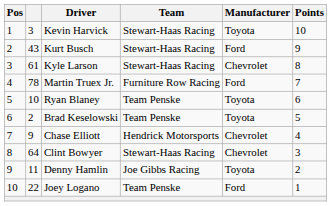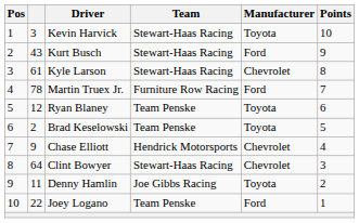 <table class="wikitable" style="font-size:98%">
 <tr>
 <th>Pos</th>
 <th></th>
 <th>Driver</th>
 <th>Team</th>
 <th>Manufacturer</th>
 <th>Points</th>
 </tr>
 <tr>
 <td>1</td>
 <td>3</td>
 <td>Kevin Harvick</td>
 <td>Stewart-Haas Racing</td>
 <td>Toyota</td>
 <td>10</td>
 </tr>
 <tr>
 <td>2</td>
 <td>43</td>
 <td>Kurt Busch</td>
 <td>Stewart-Haas Racing</td>
 <td>Ford</td>
 <td>9</td>
 </tr>
 <tr>
 <td>3</td>
 <td>61</td>
 <td>Kyle Larson</td>
 <td>Stewart-Haas Racing</td>
 <td>Chevrolet</td>
 <td>8</td>
 </tr>
 <tr>
 <td>4</td>
 <td>78</td>
 <td>Martin Truex Jr.</td>
 <td>Furniture Row Racing</td>
 <td>Ford</td>
 <td>7</td>
 </tr>
 <tr>
 <td>5</td>
-<td>10</td>
+<td>12</td>
 <td>Ryan Blaney</td>
 <td>Team Penske</td>
 <td>Toyota</td>
 <td>6</td>
 </tr>
 <tr>
 <td>6</td>
 <td>2</td>
 <td>Brad Keselowski</td>
 <td>Team Penske</td>
 <td>Toyota</td>
 <td>5</td>
 </tr>
 <tr>
 <td>7</td>
 <td>9</td>
 <td>Chase Elliott</td>
 <td>Hendrick Motorsports</td>
 <td>Chevrolet</td>
 <td>4</td>
 </tr>
 <tr>
 <td>8</td>
 <td>64</td>
 <td>Clint Bowyer</td>
 <td>Stewart-Haas Racing</td>
 <td>Chevrolet</td>
 <td>3</td>
 </tr>
 <tr>
 <td>9</td>
 <td>11</td>
 <td>Denny Hamlin</td>
 <td>Joe Gibbs Racing</td>
 <td>Toyota</td>
 <td>2</td>
 </tr>
 <tr>
 <td>10</td>
 <td>22</td>
 <td>Joey Logano</td>
 <td>Team Penske</td>
 <td>Ford</td>
 <td>1</td>
 </tr>
 <tr>
 <th colspan="6"></th>
 </tr>
 </table>
